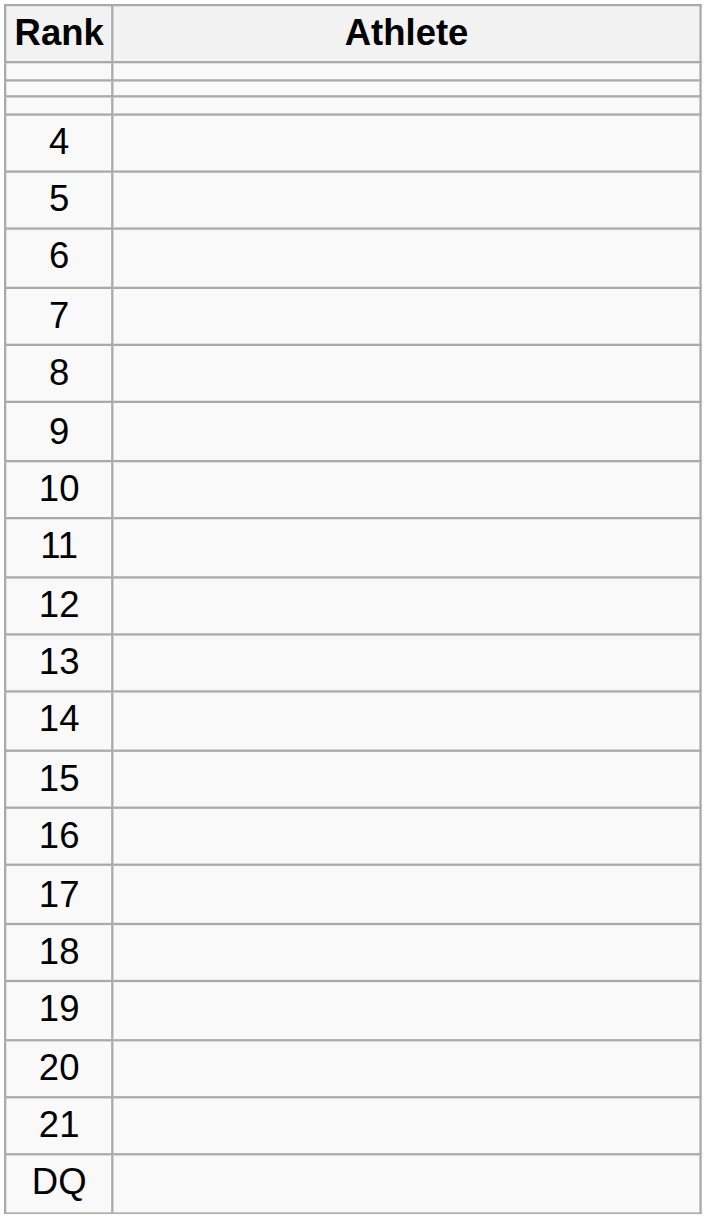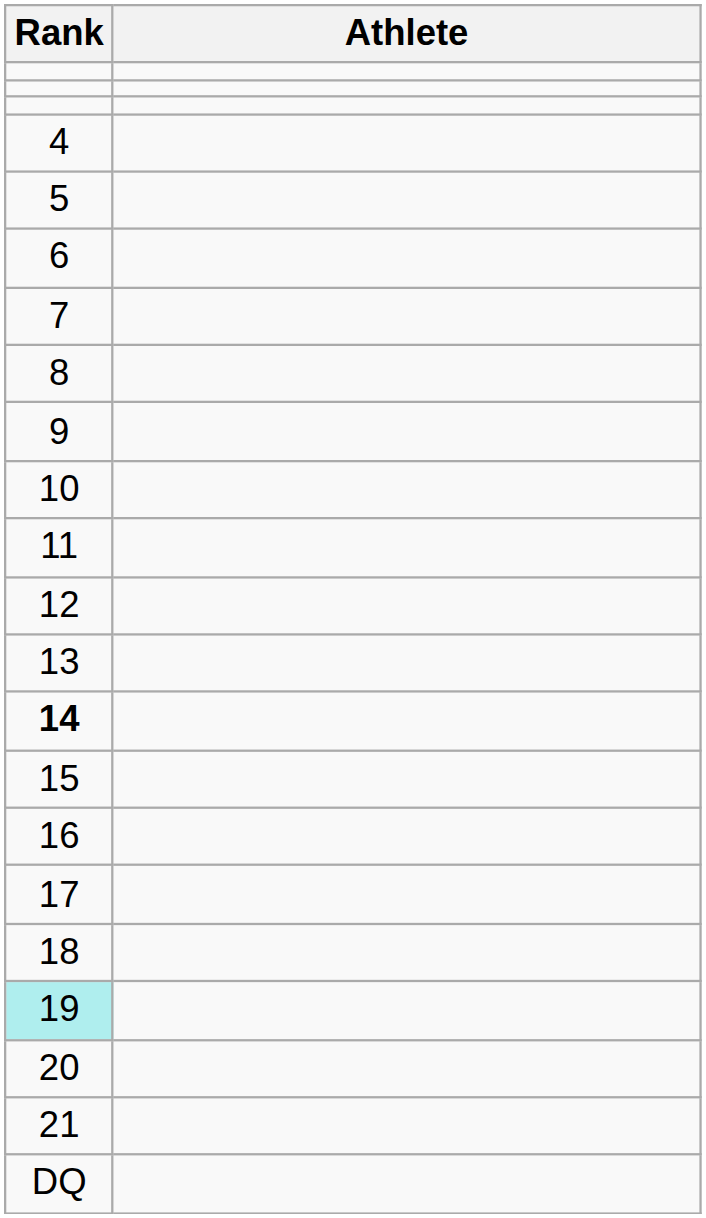 <table class="wikitable" style="text-align: center;">
 <tr>
 <th width=40>Rank</th>
 <th width=250>Athlete</th>
 </tr>
 <tr>
 <td></td>
 <td align="left"></td>
 </tr>
 <tr>
 <td></td>
 <td align="left"></td>
 </tr>
 <tr>
 <td></td>
 <td align="left"></td>
 </tr>
 <tr>
 <td>4</td>
 <td align="left"></td>
 </tr>
 <tr>
 <td>5</td>
 <td align="left"></td>
 </tr>
 <tr>
 <td>6</td>
 <td align="left"></td>
 </tr>
 <tr>
 <td>7</td>
 <td align="left"></td>
 </tr>
 <tr>
 <td>8</td>
 <td align="left"></td>
 </tr>
 <tr>
 <td>9</td>
 <td align="left"></td>
 </tr>
 <tr>
 <td>10</td>
 <td align="left"></td>
 </tr>
 <tr>
 <td>11</td>
 <td align="left"></td>
 </tr>
 <tr>
 <td>12</td>
 <td align="left"></td>
 </tr>
 <tr>
 <td>13</td>
 <td align="left"></td>
 </tr>
 <tr>
-<td>14</td>
+<td><strong>14</strong></td>
 <td align="left"></td>
 </tr>
 <tr>
 <td>15</td>
 <td align="left"></td>
 </tr>
 <tr>
 <td>16</td>
 <td align="left"></td>
 </tr>
 <tr>
 <td>17</td>
 <td align="left"></td>
 </tr>
 <tr>
 <td>18</td>
 <td align="left"></td>
 </tr>
 <tr>
-<td>19</td>
+<td style="background: paleturquoise;">19</td>
 <td align="left"></td>
 </tr>
 <tr>
 <td>20</td>
 <td align="left"></td>
 </tr>
 <tr>
 <td>21</td>
 <td align="left"></td>
 </tr>
 <tr>
 <td>DQ</td>
 <td align="left"></td>
 </tr>
 </table>
